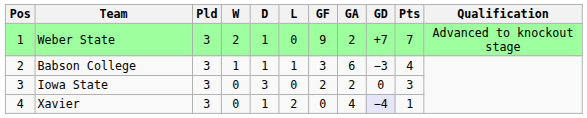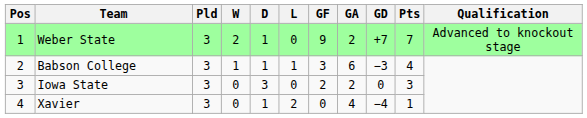 <table class="wikitable" style="text-align:center; margin: 1em auto">
 <tr>
 <th style="width:2em">Pos</th>
 <th style="width:13em">Team</th>
 <th style="width:2em">Pld</th>
 <th style="width:2em">W</th>
 <th style="width:2em">D</th>
 <th style="width:2em">L</th>
 <th style="width:2em">GF</th>
 <th style="width:2em">GA</th>
 <th style="width:2em">GD</th>
 <th style="width:2em">Pts</th>
 <th style="width:13em">Qualification</th>
 </tr>
 <tr bgcolor="#9eff9e">
 <td>1</td>
 <td style="text-align:left">Weber State</td>
 <td>3</td>
 <td>2</td>
 <td>1</td>
 <td>0</td>
 <td>9</td>
 <td>2</td>
 <td>+7</td>
 <td>7</td>
 <td>Advanced to knockout stage</td>
 </tr>
 <tr>
 <td>2</td>
 <td style="text-align:left">Babson College</td>
 <td>3</td>
 <td>1</td>
 <td>1</td>
 <td>1</td>
 <td>3</td>
 <td>6</td>
 <td>−3</td>
 <td>4</td>
 <td rowspan="3"></td>
 </tr>
 <tr>
 <td>3</td>
 <td style="text-align:left">Iowa State</td>
 <td>3</td>
 <td>0</td>
 <td>3</td>
 <td>0</td>
 <td>2</td>
 <td>2</td>
 <td>0</td>
 <td>3</td>
 </tr>
 <tr>
 <td>4</td>
 <td style="text-align:left">Xavier</td>
 <td>3</td>
 <td>0</td>
 <td>1</td>
 <td>2</td>
 <td>0</td>
 <td>4</td>
-<td style="background: lavender;">−4</td>
+<td>−4</td>
 <td>1</td>
 </tr>
 </table>
